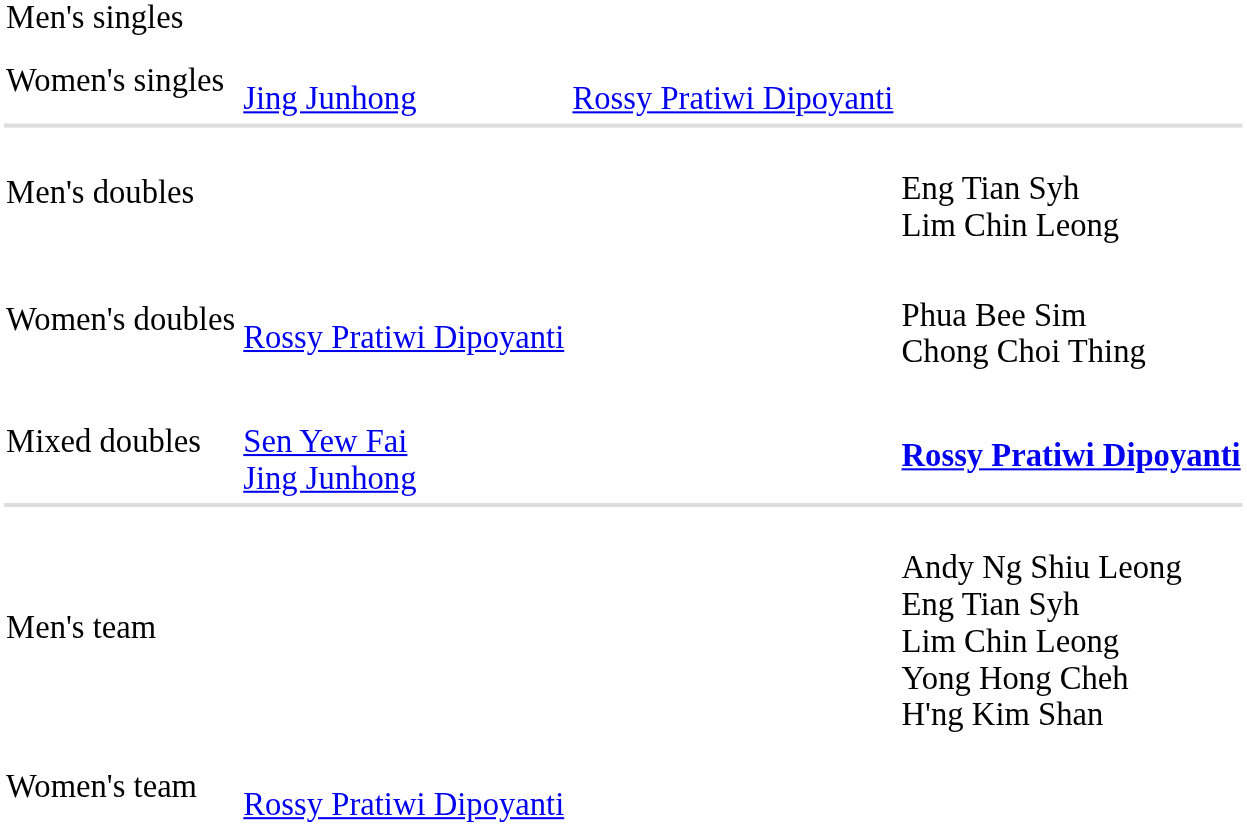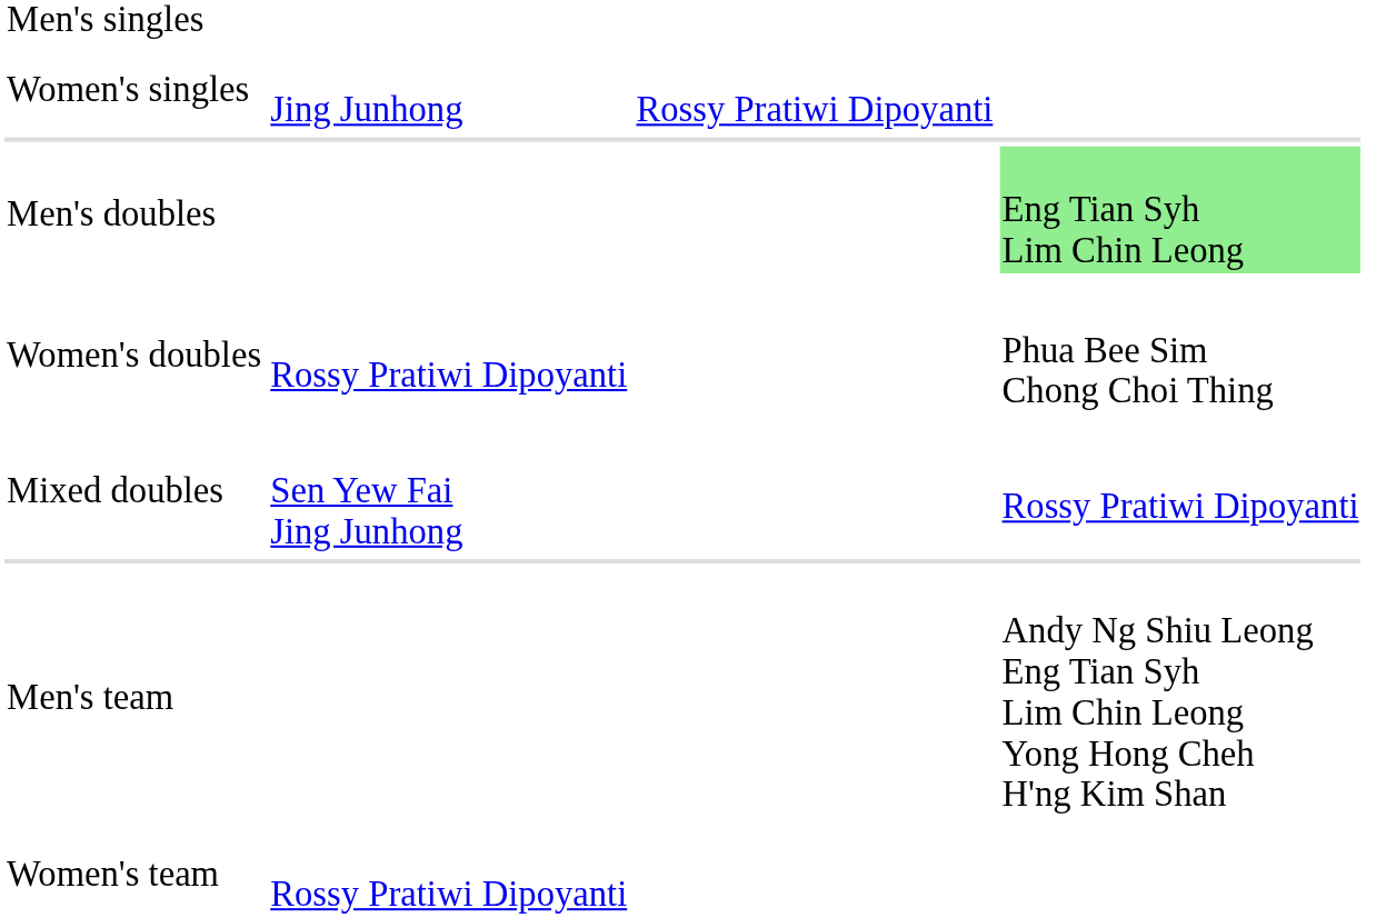 <table>
 <tr>
 <td rowspan=2>Men's singles</td>
 <td rowspan=2></td>
 <td rowspan=2></td>
 <td></td>
 </tr>
 <tr>
 <td></td>
 </tr>
 <tr>
 <td rowspan=2>Women's singles</td>
 <td rowspan=2><br> <a href='#'>Jing Junhong</a></td>
 <td rowspan=2><br> <a href='#'>Rossy Pratiwi Dipoyanti</a></td>
 <td></td>
 </tr>
 <tr>
 <td></td>
 </tr>
 <tr bgcolor=#dddddd>
 <td colspan="4"></td>
 </tr>
 <tr>
 <td rowspan=2>Men's doubles</td>
 <td rowspan=2></td>
 <td rowspan=2></td>
-<td><br>Eng Tian Syh<br>Lim Chin Leong</td>
+<td style="background: lightgreen;"><br>Eng Tian Syh<br>Lim Chin Leong</td>
 </tr>
 <tr>
 <td></td>
 </tr>
 <tr>
 <td rowspan=2>Women's doubles</td>
 <td rowspan=2><br><a href='#'>Rossy Pratiwi Dipoyanti</a></td>
 <td rowspan=2></td>
 <td><br>Phua Bee Sim<br>Chong Choi Thing</td>
 </tr>
 <tr>
 <td></td>
 </tr>
 <tr>
 <td rowspan=2>Mixed doubles</td>
 <td rowspan=2><br><a href='#'>Sen Yew Fai</a><br><a href='#'>Jing Junhong</a></td>
 <td rowspan=2></td>
-<td><strong><br><a href='#'>Rossy Pratiwi Dipoyanti</a></strong></td>
+<td><br><a href='#'>Rossy Pratiwi Dipoyanti</a></td>
 </tr>
 <tr>
 <td></td>
 </tr>
 <tr bgcolor=#dddddd>
 <td colspan="4"></td>
 </tr>
 <tr>
 <td rowspan=2>Men's team</td>
 <td rowspan=2></td>
 <td rowspan=2></td>
 <td><br>Andy Ng Shiu Leong<br>Eng Tian Syh<br>Lim Chin Leong<br>Yong Hong Cheh<br>H'ng Kim Shan</td>
 </tr>
 <tr>
 <td></td>
 </tr>
 <tr>
 <td rowspan=2>Women's team</td>
 <td rowspan=2><br><a href='#'>Rossy Pratiwi Dipoyanti</a></td>
 <td rowspan=2></td>
 <td></td>
 </tr>
 <tr>
 <td></td>
 </tr>
 </table>
